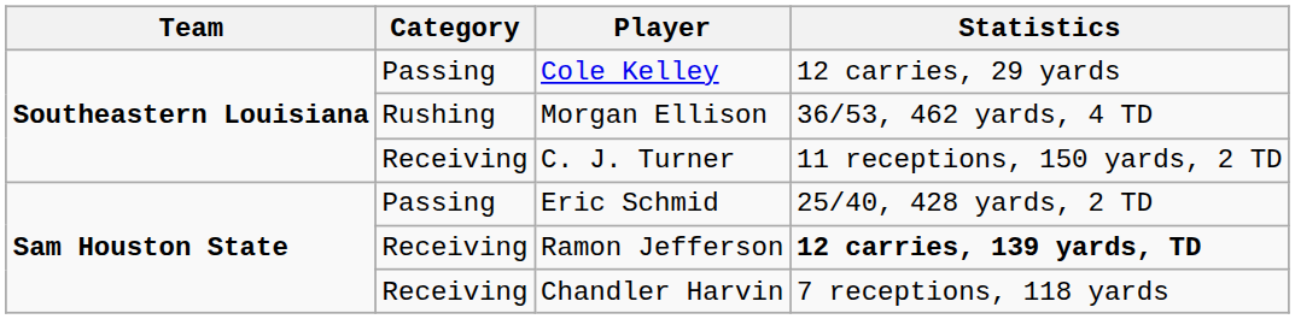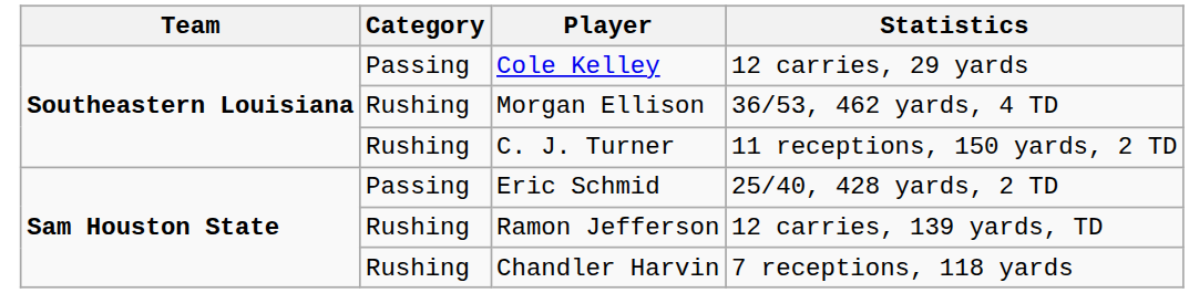 <table class="wikitable" style="float: right;">
 <tr>
 <th>Team</th>
 <th>Category</th>
 <th>Player</th>
 <th>Statistics</th>
 </tr>
 <tr>
 <td rowspan=3><strong>Southeastern Louisiana</strong></td>
 <td>Passing</td>
 <td><a href='#'>Cole Kelley</a></td>
 <td>12 carries, 29 yards</td>
 </tr>
 <tr>
 <td>Rushing</td>
 <td>Morgan Ellison</td>
 <td>36/53, 462 yards, 4 TD</td>
 </tr>
 <tr>
-<td>Receiving</td>
+<td>Rushing</td>
 <td>C. J. Turner</td>
 <td>11 receptions, 150 yards, 2 TD</td>
 </tr>
 <tr>
 <td rowspan=3><strong>Sam Houston State</strong></td>
 <td>Passing</td>
 <td>Eric Schmid</td>
 <td>25/40, 428 yards, 2 TD</td>
 </tr>
 <tr>
-<td>Receiving</td>
+<td>Rushing</td>
 <td>Ramon Jefferson</td>
-<td><strong>12 carries, 139 yards, TD</strong></td>
+<td>12 carries, 139 yards, TD</td>
 </tr>
 <tr>
-<td>Receiving</td>
+<td>Rushing</td>
 <td>Chandler Harvin</td>
 <td>7 receptions, 118 yards</td>
 </tr>
 </table>
